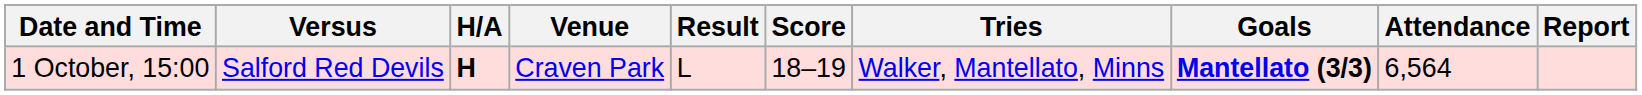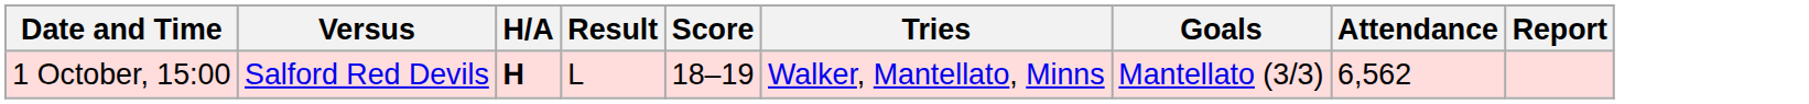 <table class="wikitable" style="font-size:85%;">
 <tr>
 <th>Date and Time</th>
 <th>Versus</th>
 <th>H/A</th>
-<th>Venue</th>
 <th>Result</th>
 <th>Score</th>
 <th>Tries</th>
 <th>Goals</th>
 <th>Attendance</th>
 <th>Report</th>
 </tr>
 <tr style="background:#ffdddd">
 <td>1 October, 15:00</td>
 <td> <a href='#'>Salford Red Devils</a></td>
 <td><strong>H</strong></td>
-<td><a href='#'>Craven Park</a></td>
 <td>L</td>
 <td>18–19 </td>
 <td><a href='#'>Walker</a>, <a href='#'>Mantellato</a>, <a href='#'>Minns</a></td>
-<td><strong><a href='#'>Mantellato</a> (3/3)</strong></td>
-<td>6,564</td>
+<td><a href='#'>Mantellato</a> (3/3)</td>
+<td>6,562</td>
 <td></td>
 </tr>
 </table>
